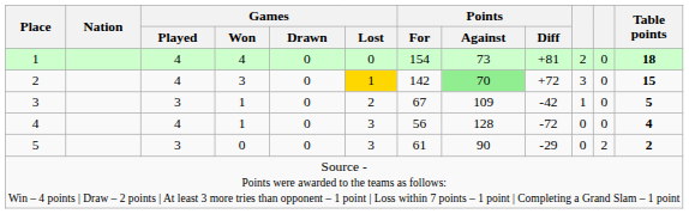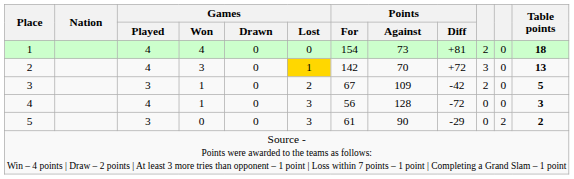 <table class="wikitable" style="text-align:center">
 <tr>
 <th rowspan="2">Place</th>
 <th rowspan="2">Nation</th>
 <th colspan="4">Games</th>
 <th colspan="3">Points</th>
 <th rowspan="2"></th>
 <th rowspan="2"></th>
 <th rowspan="2">Table<br>points</th>
 </tr>
 <tr>
 <th>Played</th>
 <th>Won</th>
 <th>Drawn</th>
 <th>Lost</th>
 <th>For</th>
 <th>Against</th>
 <th>Diff</th>
 </tr>
 <tr bgcolor="#ccffcc">
 <td>1</td>
 <td style="text-align:left"></td>
 <td>4</td>
 <td>4</td>
 <td>0</td>
 <td>0</td>
 <td>154</td>
 <td>73</td>
 <td>+81</td>
 <td>2</td>
 <td>0</td>
 <td><strong>18</strong></td>
 </tr>
 <tr>
 <td>2</td>
 <td style="text-align:left"></td>
 <td>4</td>
 <td>3</td>
 <td>0</td>
 <td style="background: gold;">1</td>
 <td>142</td>
-<td style="background: lightgreen;">70</td>
+<td>70</td>
 <td>+72</td>
 <td>3</td>
 <td>0</td>
-<td><strong>15</strong></td>
+<td><strong>13</strong></td>
 </tr>
 <tr>
 <td>3</td>
 <td style="text-align:left"></td>
 <td>3</td>
 <td>1</td>
 <td>0</td>
 <td>2</td>
 <td>67</td>
 <td>109</td>
 <td>-42</td>
-<td>1</td>
+<td>2</td>
 <td>0</td>
 <td><strong>5</strong></td>
 </tr>
 <tr>
 <td>4</td>
 <td style="text-align:left"></td>
 <td>4</td>
 <td>1</td>
 <td>0</td>
 <td>3</td>
 <td>56</td>
 <td>128</td>
 <td>-72</td>
 <td>0</td>
 <td>0</td>
-<td><strong>4</strong></td>
+<td><strong>3</strong></td>
 </tr>
 <tr>
 <td>5</td>
 <td style="text-align:left"></td>
 <td>3</td>
 <td>0</td>
 <td>0</td>
 <td>3</td>
 <td>61</td>
 <td>90</td>
 <td>-29</td>
 <td>0</td>
 <td>2</td>
 <td><strong>2</strong></td>
 </tr>
 <tr>
 <td colspan="100%" style="text-align:center">Source - <br><small>Points were awarded to the teams as follows:<br>Win – 4 points | Draw – 2 points | At least 3 more tries than opponent – 1 point | Loss within 7 points – 1 point | Completing a Grand Slam – 1 point</small></td>
 </tr>
 </table>
